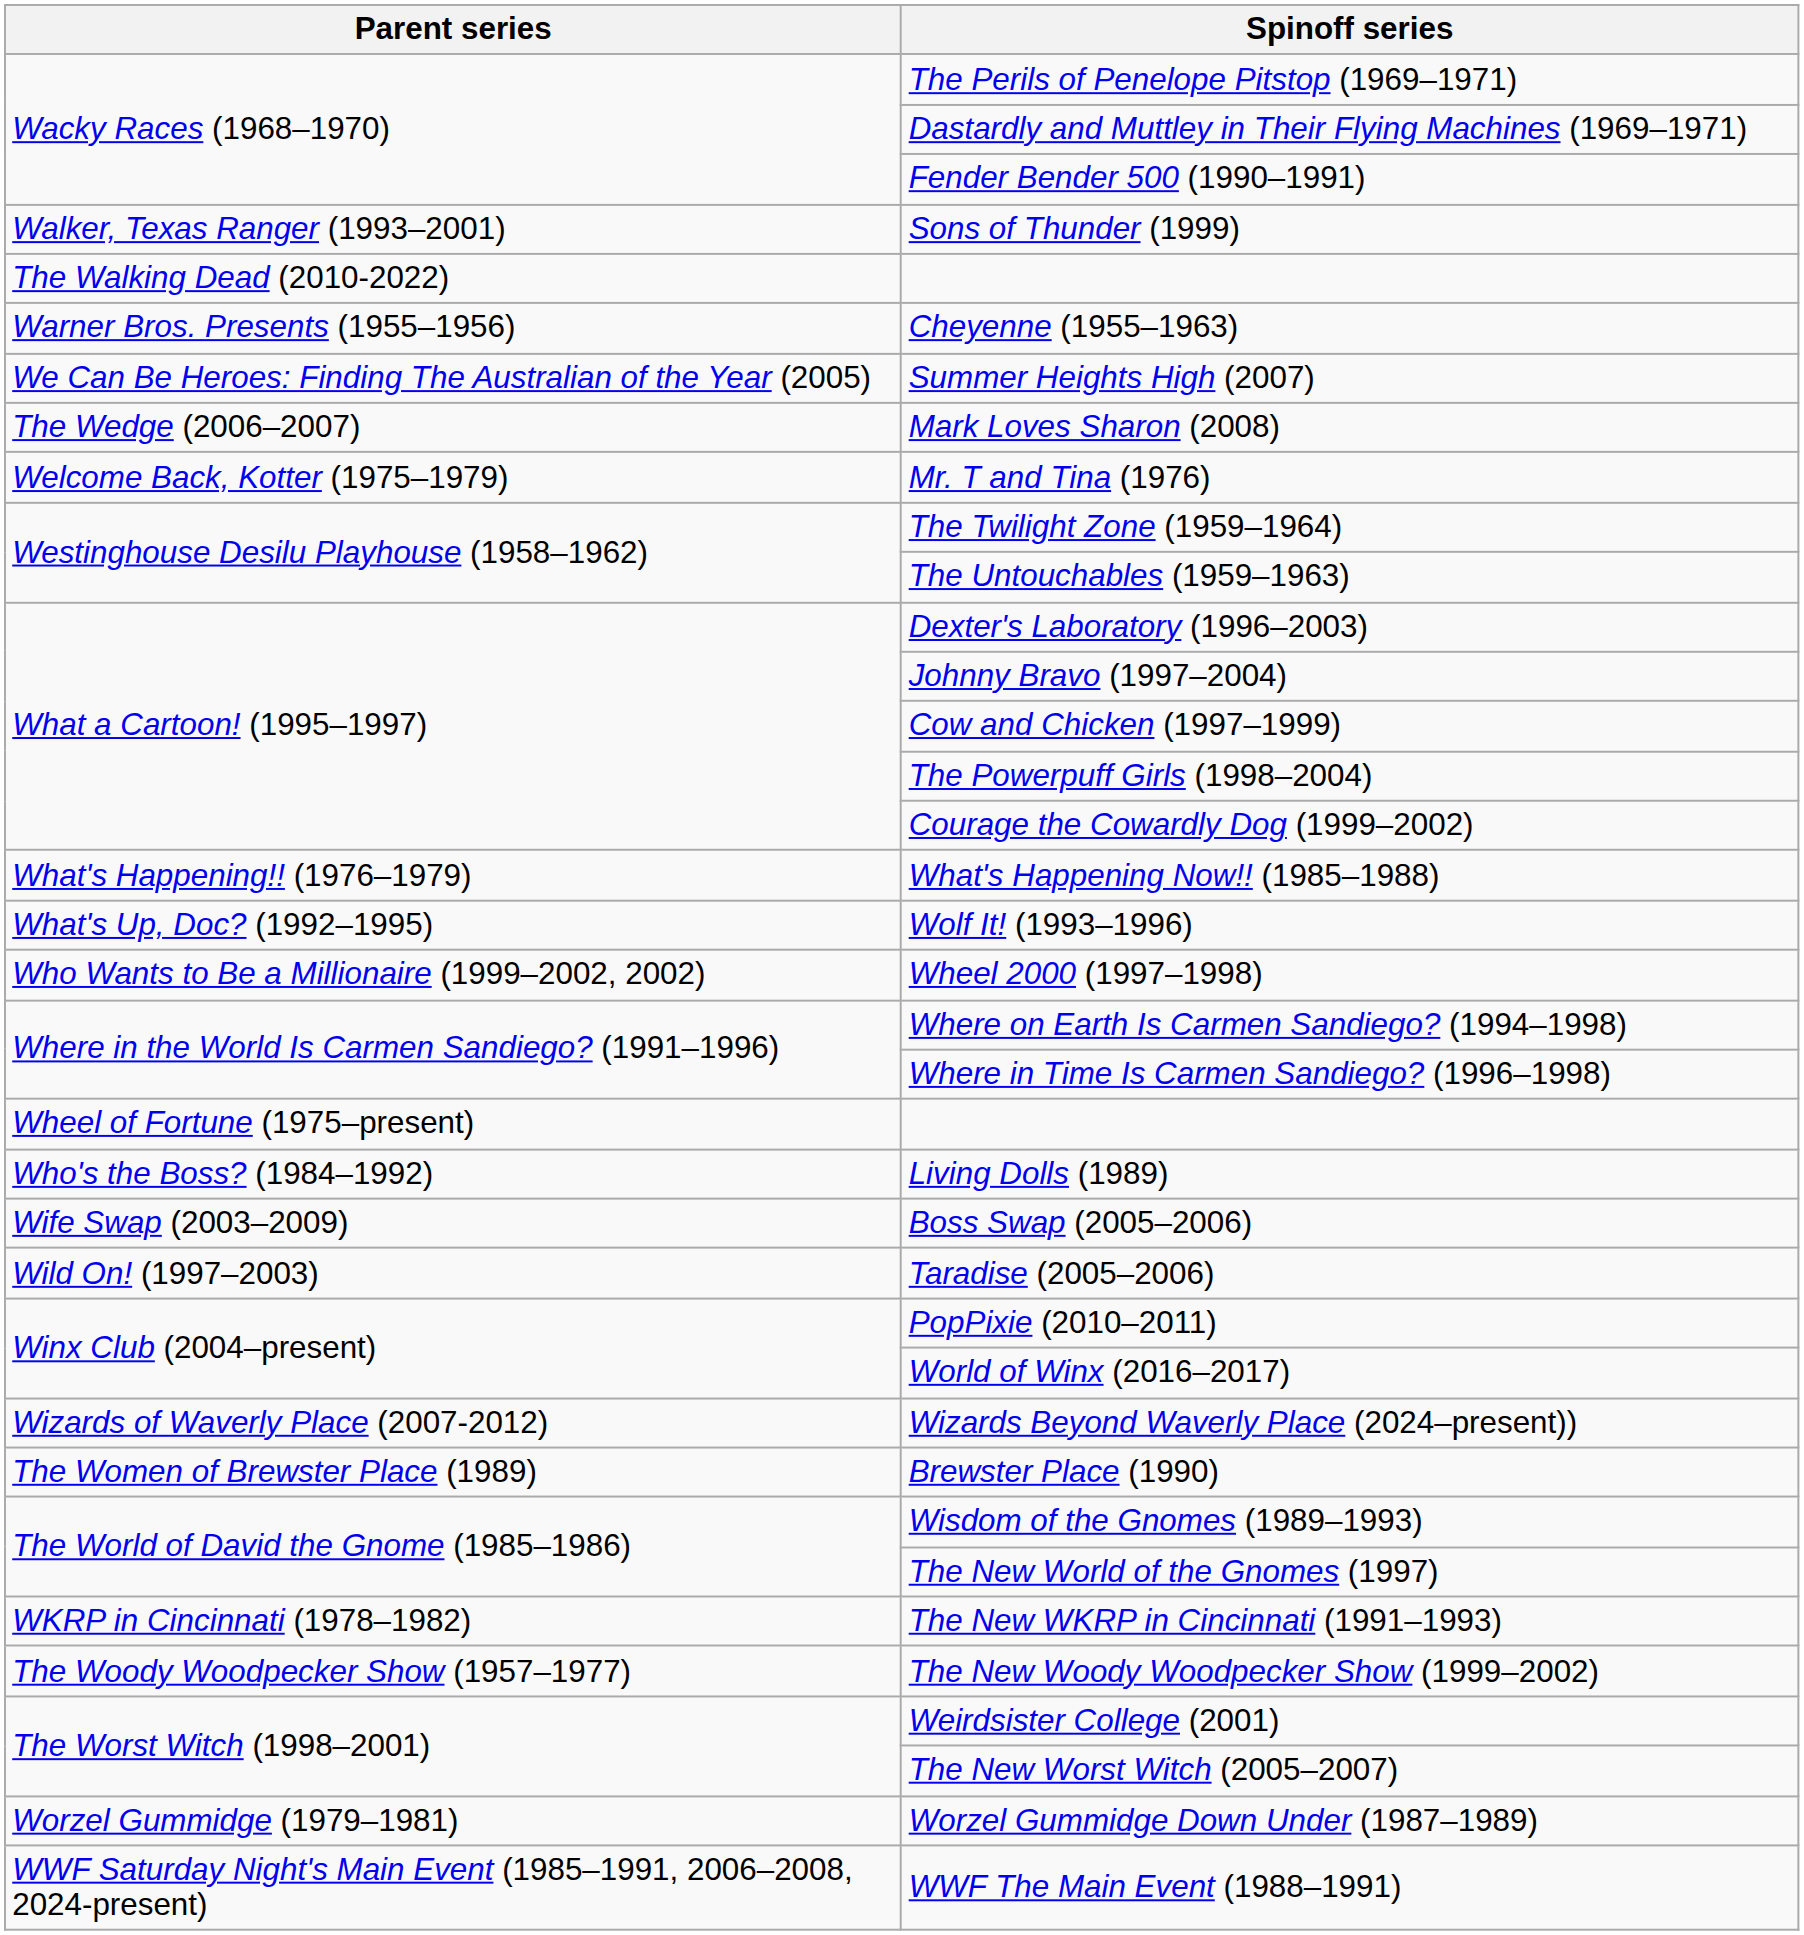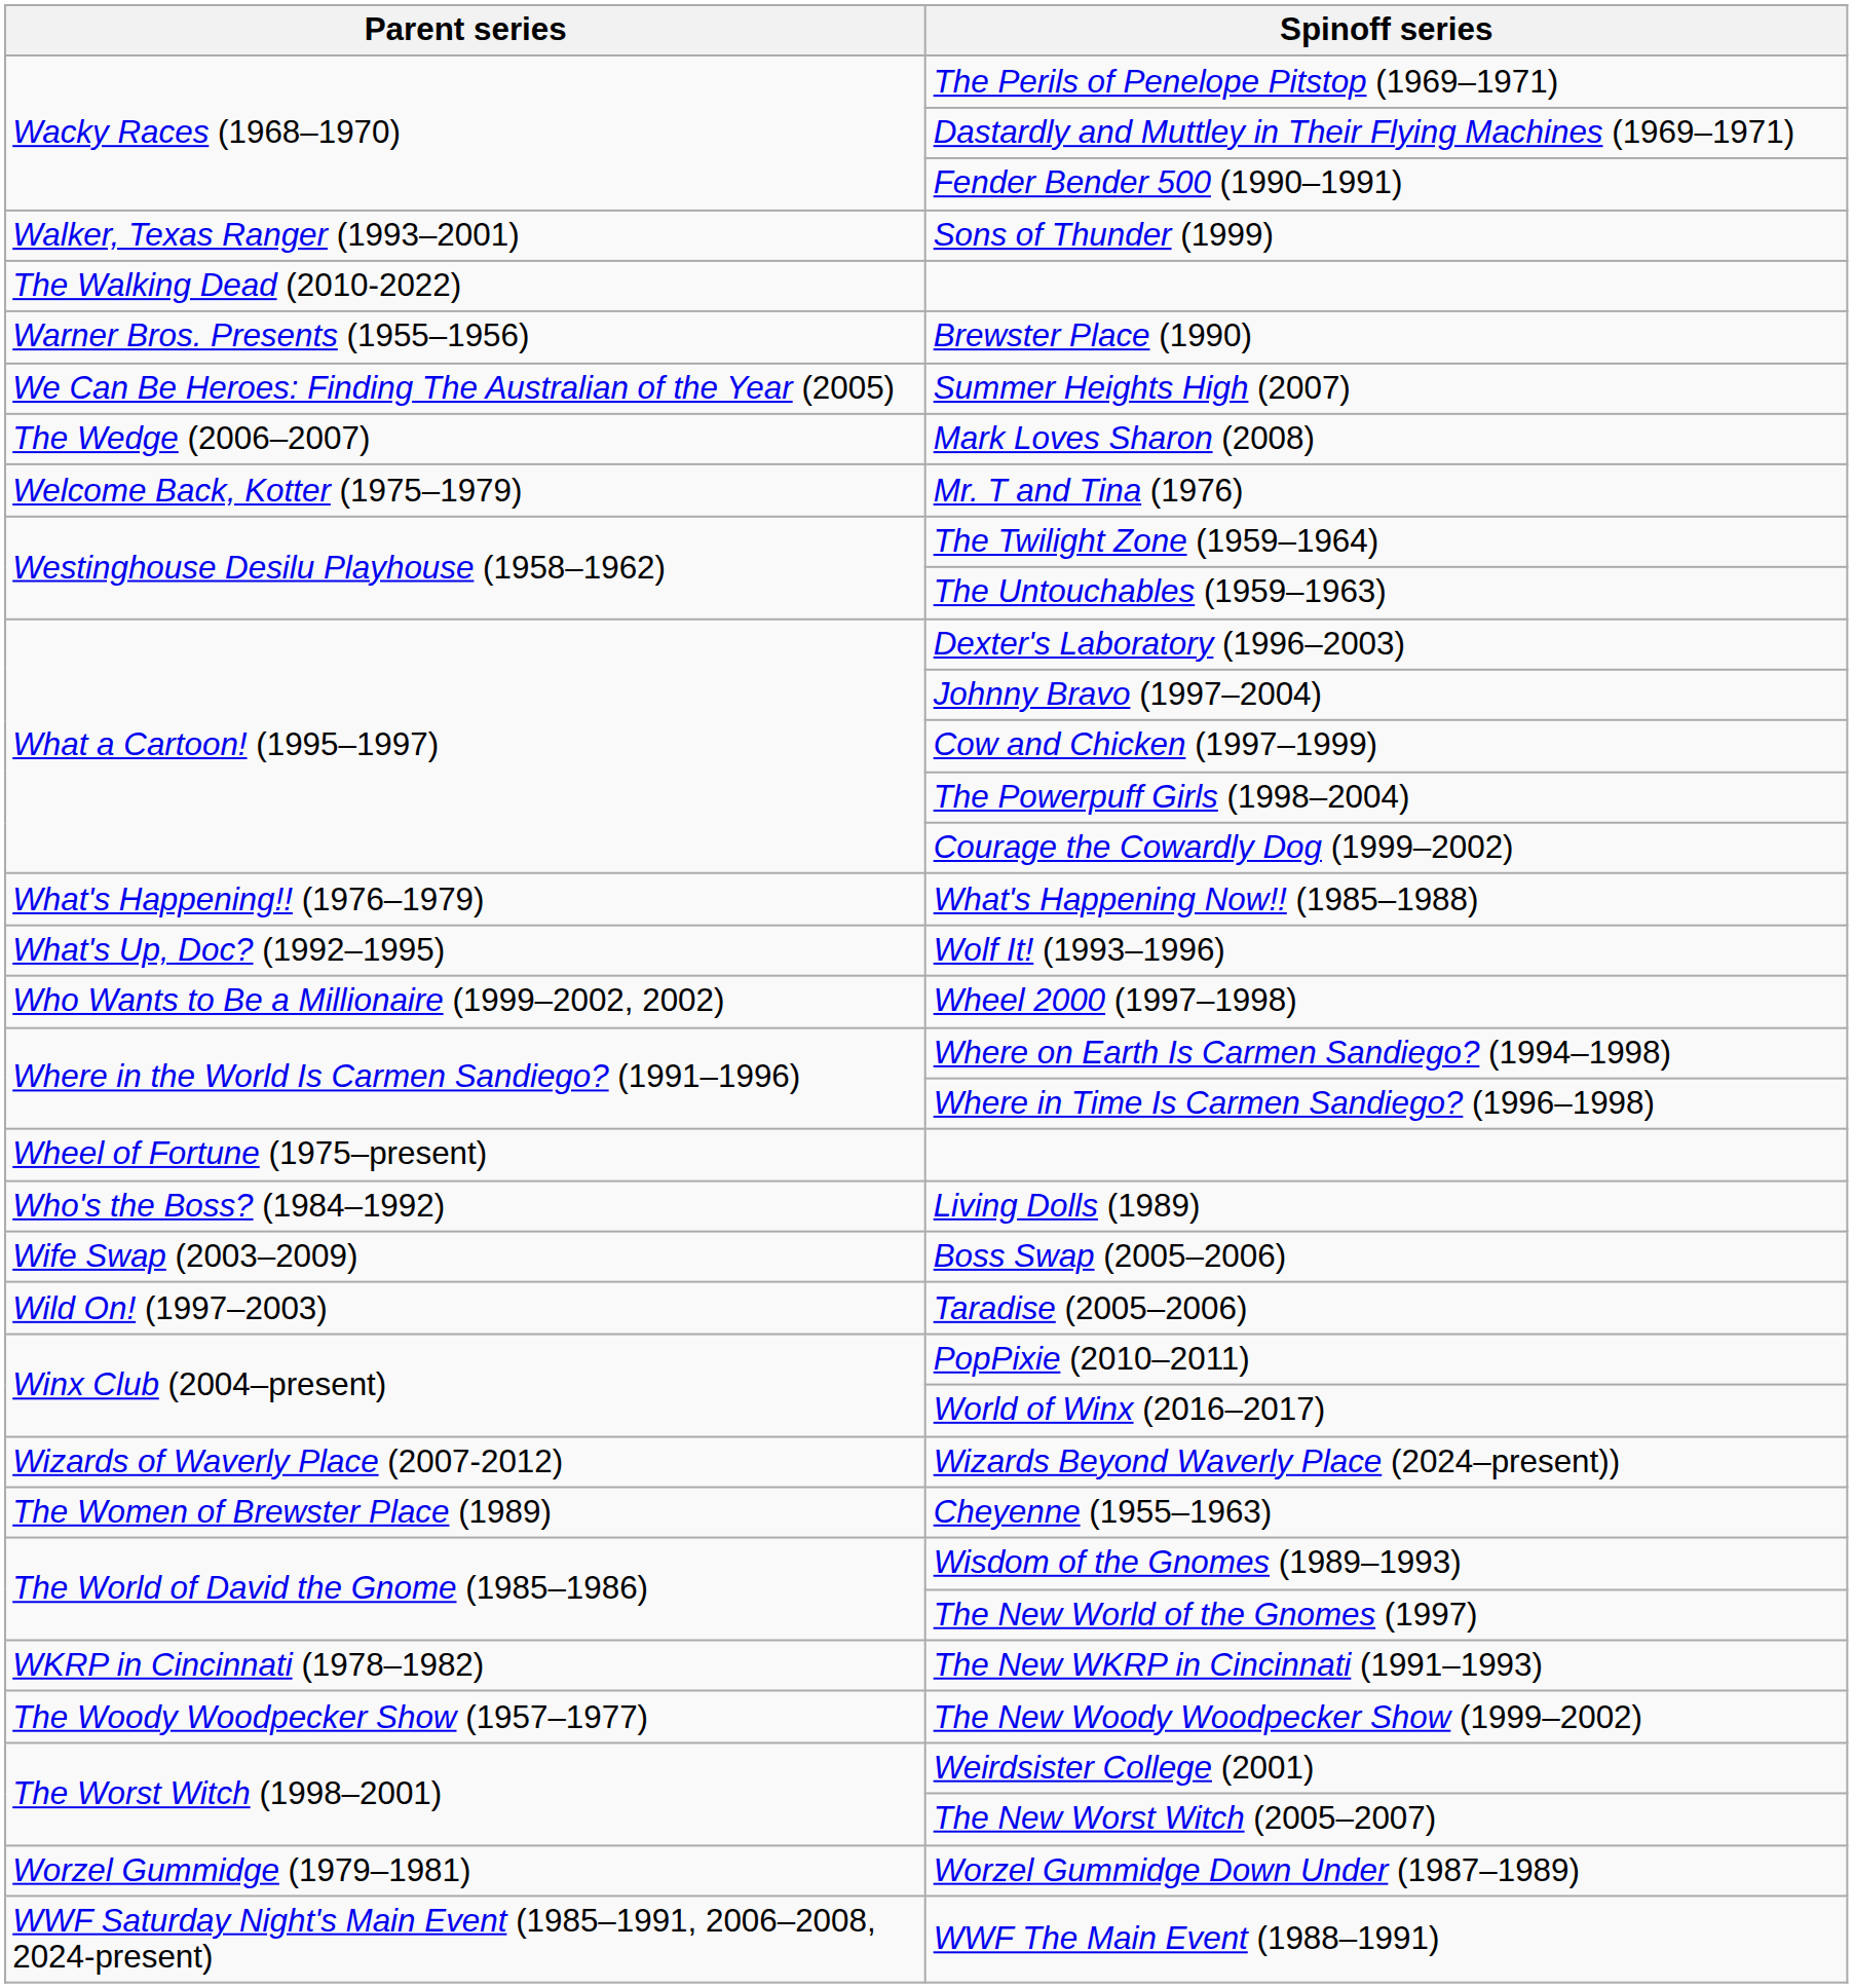 <table class="wikitable">
 <tr>
 <th width="450">Parent series</th>
 <th width="450">Spinoff series</th>
 </tr>
 <tr>
 <td rowspan="3"><em><a href='#'>Wacky Races</a></em> (1968–1970)</td>
 <td><em><a href='#'>The Perils of Penelope Pitstop</a></em> (1969–1971)</td>
 </tr>
 <tr>
 <td><em><a href='#'>Dastardly and Muttley in Their Flying Machines</a></em> (1969–1971)</td>
 </tr>
 <tr>
 <td><em><a href='#'>Fender Bender 500</a></em> (1990–1991) </td>
 </tr>
 <tr>
 <td><em><a href='#'>Walker, Texas Ranger</a></em> (1993–2001)</td>
 <td><em><a href='#'>Sons of Thunder</a></em> (1999)</td>
 </tr>
 <tr>
 <td><em><a href='#'>The Walking Dead</a></em> (2010-2022)</td>
 <td></td>
 </tr>
 <tr>
 <td><em><a href='#'>Warner Bros. Presents</a></em> (1955–1956)</td>
-<td><em><a href='#'>Cheyenne</a></em> (1955–1963)</td>
+<td><em><a href='#'>Brewster Place</a></em> (1990)</td>
 </tr>
 <tr>
 <td><em><a href='#'>We Can Be Heroes: Finding The Australian of the Year</a></em> (2005)</td>
 <td><em><a href='#'>Summer Heights High</a></em> (2007)</td>
 </tr>
 <tr>
 <td><em><a href='#'>The Wedge</a></em> (2006–2007)</td>
 <td><em><a href='#'>Mark Loves Sharon</a></em> (2008)</td>
 </tr>
 <tr>
 <td><em><a href='#'>Welcome Back, Kotter</a></em> (1975–1979)</td>
 <td><em><a href='#'>Mr. T and Tina</a></em> (1976)</td>
 </tr>
 <tr>
 <td rowspan="2"><em><a href='#'>Westinghouse Desilu Playhouse</a></em> (1958–1962)</td>
 <td><em><a href='#'>The Twilight Zone</a></em> (1959–1964)</td>
 </tr>
 <tr>
 <td><em><a href='#'>The Untouchables</a></em> (1959–1963)</td>
 </tr>
 <tr>
 <td rowspan="5"><em><a href='#'>What a Cartoon!</a></em> (1995–1997)</td>
 <td><em><a href='#'>Dexter's Laboratory</a></em> (1996–2003)</td>
 </tr>
 <tr>
 <td><em><a href='#'>Johnny Bravo</a></em> (1997–2004)</td>
 </tr>
 <tr>
 <td><em><a href='#'>Cow and Chicken</a></em> (1997–1999)</td>
 </tr>
 <tr>
 <td><em><a href='#'>The Powerpuff Girls</a></em> (1998–2004)</td>
 </tr>
 <tr>
 <td><em><a href='#'>Courage the Cowardly Dog</a></em> (1999–2002)</td>
 </tr>
 <tr>
 <td><em><a href='#'>What's Happening!!</a></em> (1976–1979)</td>
 <td><em><a href='#'>What's Happening Now!!</a></em> (1985–1988)</td>
 </tr>
 <tr>
 <td><em><a href='#'>What's Up, Doc?</a></em> (1992–1995)</td>
 <td><em><a href='#'>Wolf It!</a></em> (1993–1996)</td>
 </tr>
 <tr>
 <td><em><a href='#'>Who Wants to Be a Millionaire</a></em> (1999–2002, 2002)</td>
 <td><em><a href='#'>Wheel 2000</a></em> (1997–1998)</td>
 </tr>
 <tr>
 <td rowspan="2"><em><a href='#'>Where in the World Is Carmen Sandiego?</a></em> (1991–1996)</td>
 <td><em><a href='#'>Where on Earth Is Carmen Sandiego?</a></em> (1994–1998)</td>
 </tr>
 <tr>
 <td><em><a href='#'>Where in Time Is Carmen Sandiego?</a></em> (1996–1998)</td>
 </tr>
 <tr>
 <td><em><a href='#'>Wheel of Fortune</a></em> (1975–present)</td>
 <td></td>
 </tr>
 <tr>
 <td><em><a href='#'>Who's the Boss?</a></em> (1984–1992)</td>
 <td><em><a href='#'>Living Dolls</a></em> (1989)</td>
 </tr>
 <tr>
 <td><em><a href='#'>Wife Swap</a></em> (2003–2009)</td>
 <td><em><a href='#'>Boss Swap</a></em> (2005–2006)</td>
 </tr>
 <tr>
 <td><em><a href='#'>Wild On!</a></em> (1997–2003)</td>
 <td><em><a href='#'>Taradise</a></em> (2005–2006) </td>
 </tr>
 <tr>
 <td rowspan="2"><em><a href='#'>Winx Club</a></em> (2004–present)</td>
 <td><em><a href='#'>PopPixie</a></em> (2010–2011)</td>
 </tr>
 <tr>
 <td><em><a href='#'>World of Winx</a></em> (2016–2017)</td>
 </tr>
 <tr>
 <td><em><a href='#'>Wizards of Waverly Place</a></em> (2007-2012)</td>
 <td><em><a href='#'>Wizards Beyond Waverly Place</a></em> (2024–present))</td>
 </tr>
 <tr>
 <td><em><a href='#'>The Women of Brewster Place</a></em> (1989)</td>
-<td><em><a href='#'>Brewster Place</a></em> (1990)</td>
+<td><em><a href='#'>Cheyenne</a></em> (1955–1963)</td>
 </tr>
 <tr>
 <td rowspan="2"><em><a href='#'>The World of David the Gnome</a></em> (1985–1986)</td>
 <td><em><a href='#'>Wisdom of the Gnomes</a></em> (1989–1993)</td>
 </tr>
 <tr>
 <td><em><a href='#'>The New World of the Gnomes</a></em> (1997)</td>
 </tr>
 <tr>
 <td><em><a href='#'>WKRP in Cincinnati</a></em> (1978–1982)</td>
 <td><em><a href='#'>The New WKRP in Cincinnati</a></em> (1991–1993)</td>
 </tr>
 <tr>
 <td><em><a href='#'>The Woody Woodpecker Show</a></em> (1957–1977)</td>
 <td><em><a href='#'>The New Woody Woodpecker Show</a></em> (1999–2002)</td>
 </tr>
 <tr>
 <td rowspan="2"><em><a href='#'>The Worst Witch</a></em> (1998–2001)</td>
 <td><em><a href='#'>Weirdsister College</a></em> (2001)</td>
 </tr>
 <tr>
 <td><em><a href='#'>The New Worst Witch</a></em> (2005–2007)</td>
 </tr>
 <tr>
 <td><em><a href='#'>Worzel Gummidge</a></em> (1979–1981)</td>
 <td><em><a href='#'>Worzel Gummidge Down Under</a></em> (1987–1989)</td>
 </tr>
 <tr>
 <td><em><a href='#'>WWF Saturday Night's Main Event</a></em> (1985–1991, 2006–2008, 2024-present)</td>
 <td><em><a href='#'>WWF The Main Event</a></em> (1988–1991)</td>
 </tr>
 </table>
